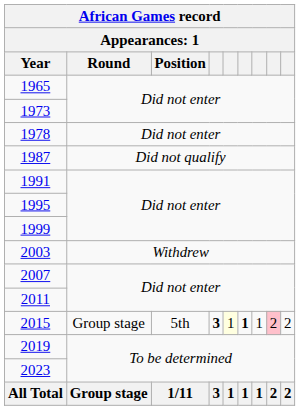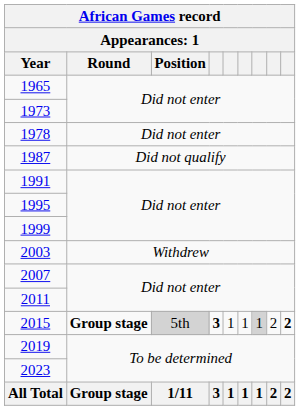 <table class="wikitable" style="text-align: center;">
 <tr>
 <th colspan=9><a href='#'>African Games</a> record</th>
 </tr>
 <tr>
 <th colspan=9>Appearances: 1</th>
 </tr>
 <tr>
 <th>Year</th>
 <th>Round</th>
 <th>Position</th>
 <th></th>
 <th></th>
 <th></th>
 <th></th>
 <th></th>
 <th></th>
 </tr>
 <tr>
 <td> <a href='#'>1965</a></td>
 <td colspan=8 rowspan=2><em>Did not enter</em></td>
 </tr>
 <tr>
 <td> <a href='#'>1973</a></td>
 </tr>
 <tr>
 <td> <a href='#'>1978</a></td>
 <td colspan=8><em>Did not enter</em></td>
 </tr>
 <tr>
 <td> <a href='#'>1987</a></td>
 <td colspan=8><em>Did not qualify</em></td>
 </tr>
 <tr>
 <td> <a href='#'>1991</a></td>
 <td colspan=8 rowspan=3><em>Did not enter</em></td>
 </tr>
 <tr>
 <td> <a href='#'>1995</a></td>
 </tr>
 <tr>
 <td> <a href='#'>1999</a></td>
 </tr>
 <tr>
 <td> <a href='#'>2003</a></td>
 <td colspan=8><em>Withdrew</em></td>
 </tr>
 <tr>
 <td> <a href='#'>2007</a></td>
 <td colspan=8 rowspan=2><em>Did not enter</em></td>
 </tr>
 <tr>
 <td> <a href='#'>2011</a></td>
 </tr>
 <tr>
 <td> <a href='#'>2015</a></td>
-<td>Group stage</td>
-<td>5th</td>
+<td><strong>Group stage</strong></td>
+<td style="background: lightgrey;">5th</td>
 <td><strong>3</strong></td>
-<td style="background: lightyellow;">1</td>
-<td><strong>1</strong></td>
 <td>1</td>
-<td style="background: pink;">2</td>
+<td>1</td>
+<td style="background: lightgrey;">1</td>
 <td>2</td>
+<td><strong>2</strong></td>
 </tr>
 <tr>
 <td> <a href='#'>2019</a></td>
 <td colspan=8 rowspan=2><em>To be determined</em></td>
 </tr>
 <tr>
 <td> <a href='#'>2023</a></td>
 </tr>
 <tr>
 <th>All Total</th>
 <th>Group stage</th>
 <th>1/11</th>
 <th>3</th>
 <th>1</th>
 <th>1</th>
 <th>1</th>
 <th>2</th>
 <th>2</th>
 </tr>
 </table>
